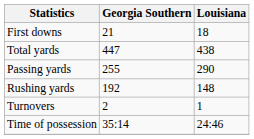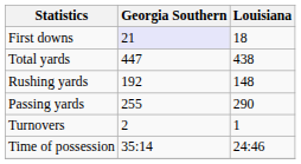 <table class="wikitable">
 <tr>
 <th>Statistics</th>
 <th>Georgia Southern</th>
 <th>Louisiana</th>
 </tr>
 <tr>
 <td>First downs</td>
-<td>21</td>
+<td style="background: lavender;">21</td>
 <td>18</td>
 </tr>
 <tr>
 <td>Total yards</td>
 <td>447</td>
 <td>438</td>
 </tr>
 <tr>
+<td>Rushing yards</td>
+<td>192</td>
+<td>148</td>
+</tr>
+<tr>
 <td>Passing yards</td>
 <td>255</td>
 <td>290</td>
-</tr>
-<tr>
-<td>Rushing yards</td>
-<td>192</td>
-<td>148</td>
 </tr>
 <tr>
 <td>Turnovers</td>
 <td>2</td>
 <td>1</td>
 </tr>
 <tr>
 <td>Time of possession</td>
 <td>35:14</td>
 <td>24:46</td>
 </tr>
 <tr>
 </tr>
 </table>
